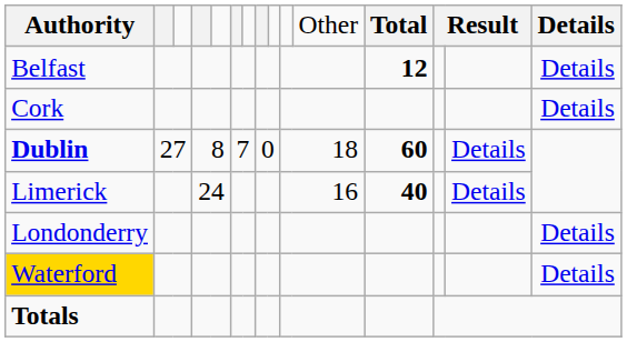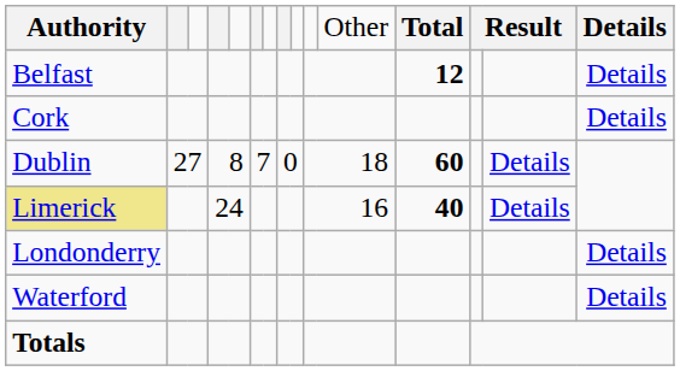 <table class="wikitable" style="text-align:right; padding-left:1em">
 <tr>
 <th align="left">Authority</th>
 <th style="background-color: "></th>
 <td><a href='#'></a></td>
 <th style="background-color: "></th>
 <td><a href='#'></a></td>
 <th style="background-color: "></th>
 <td><a href='#'></a></td>
 <th style="background-color: "></th>
 <td><a href='#'></a></td>
 <td></td>
 <td>Other</td>
 <th align="left">Total</th>
 <th colspan=2>Result</th>
 <th>Details</th>
 </tr>
 <tr>
 <td align=left><a href='#'>Belfast</a></td>
 <td colspan=2></td>
 <td colspan=2></td>
 <td colspan=2></td>
 <td colspan=2></td>
 <td colspan=2></td>
 <td><strong>12</strong></td>
 <td></td>
 <td></td>
 <td><a href='#'>Details</a></td>
 </tr>
 <tr>
 <td align=left><a href='#'>Cork</a></td>
 <td colspan=2></td>
 <td colspan=2></td>
 <td colspan=2></td>
 <td colspan=2></td>
 <td colspan=2></td>
 <td></td>
 <td></td>
 <td></td>
 <td><a href='#'>Details</a></td>
 </tr>
 <tr>
-<td align=left><strong><a href='#'>Dublin</a></strong></td>
+<td align=left><a href='#'>Dublin</a></td>
 <td colspan=2>27</td>
 <td colspan=2>8</td>
 <td colspan=2>7</td>
 <td colspan=2>0</td>
 <td colspan=2>18</td>
 <td><strong>60</strong></td>
 <td></td>
 <td><a href='#'>Details</a></td>
 </tr>
 <tr>
-<td align=left><a href='#'>Limerick</a></td>
+<td align=left style="background: khaki;"><a href='#'>Limerick</a></td>
 <td colspan=2></td>
 <td colspan=2>24</td>
 <td colspan=2></td>
 <td colspan=2></td>
 <td colspan=2>16</td>
 <td><strong>40</strong></td>
 <td></td>
 <td><a href='#'>Details</a></td>
 </tr>
 <tr>
 <td align=left><a href='#'>Londonderry</a></td>
 <td colspan=2></td>
 <td colspan=2></td>
 <td colspan=2></td>
 <td colspan=2></td>
 <td colspan=2></td>
 <td></td>
 <td></td>
 <td></td>
 <td><a href='#'>Details</a></td>
 </tr>
 <tr>
-<td align=left style="background: gold;"><a href='#'>Waterford</a></td>
+<td align=left><a href='#'>Waterford</a></td>
 <td colspan=2></td>
 <td colspan=2></td>
 <td colspan=2></td>
 <td colspan=2></td>
 <td colspan=2></td>
 <td></td>
 <td></td>
 <td></td>
 <td><a href='#'>Details</a></td>
 </tr>
 <tr>
 <td align=left><strong>Totals</strong></td>
 <td colspan=2></td>
 <td colspan=2></td>
 <td colspan=2></td>
 <td colspan=2></td>
 <td colspan=2></td>
 <td></td>
 </tr>
 </table>
